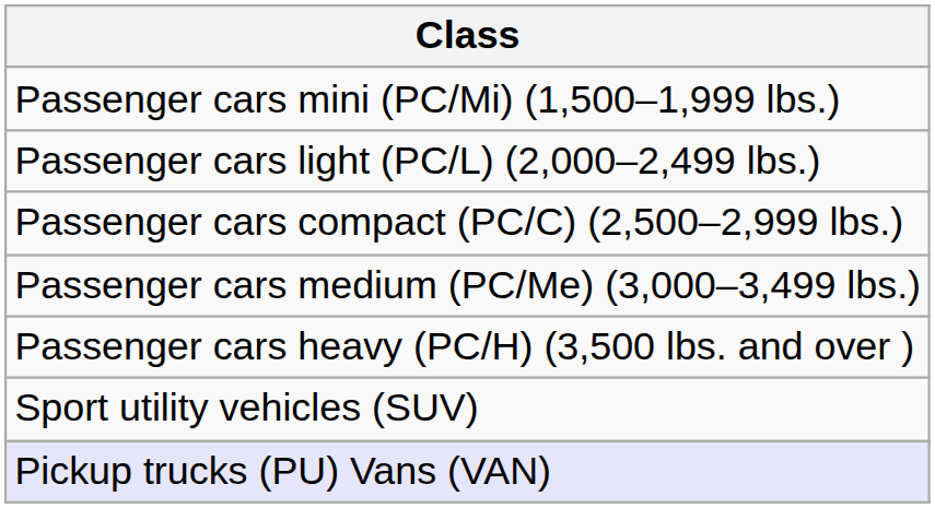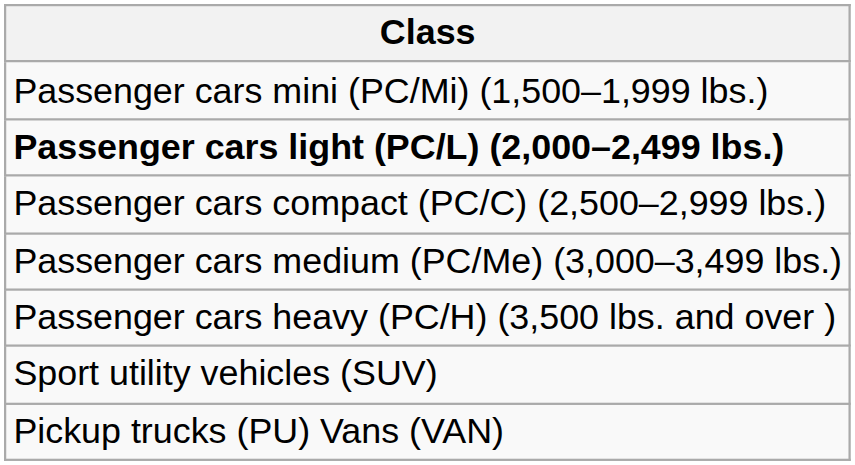 <table class="wikitable">
 <tr>
 <th>Class</th>
 </tr>
 <tr>
 <td>Passenger cars mini (PC/Mi) (1,500–1,999 lbs.)</td>
 </tr>
 <tr>
-<td>Passenger cars light (PC/L) (2,000–2,499 lbs.)</td>
+<td><strong>Passenger cars light (PC/L) (2,000–2,499 lbs.)</strong></td>
 </tr>
 <tr>
 <td>Passenger cars compact (PC/C) (2,500–2,999 lbs.)</td>
 </tr>
 <tr>
 <td>Passenger cars medium (PC/Me) (3,000–3,499 lbs.)</td>
 </tr>
 <tr>
 <td>Passenger cars heavy (PC/H) (3,500 lbs. and over )</td>
 </tr>
 <tr>
 <td>Sport utility vehicles (SUV)</td>
 </tr>
 <tr>
-<td style="background: lavender;">Pickup trucks (PU) Vans (VAN)</td>
+<td>Pickup trucks (PU) Vans (VAN)</td>
 </tr>
 </table>
